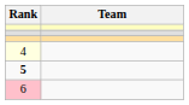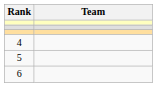 <table class="wikitable">
 <tr>
 <th width=40>Rank</th>
 <th width=180>Team</th>
 </tr>
 <tr bgcolor=#ffffbf>
 <td align=center></td>
 <td align="left"></td>
 </tr>
 <tr bgcolor=#dfdfdf>
 <td align=center></td>
 <td align="left"></td>
 </tr>
 <tr bgcolor=#ffdf9f>
 <td align=center></td>
 <td align="left"></td>
 </tr>
 <tr>
-<td align=center style="background: lightyellow;">4</td>
+<td align=center>4</td>
 <td align="left"></td>
 </tr>
 <tr>
-<td align=center><strong>5</strong></td>
+<td align=center>5</td>
 <td align="left"></td>
 </tr>
 <tr>
-<td align=center style="background: pink;">6</td>
+<td align=center>6</td>
 <td align="left"></td>
 </tr>
 </table>
